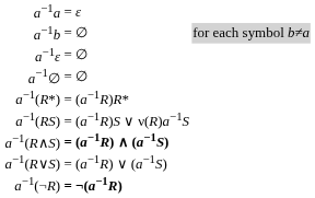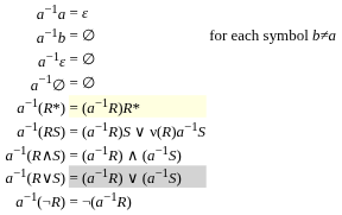 <table style="font-family: 'Nimbus Roman No9 L', 'Times New Roman', Times, serif; line-height: 1; white-space: nowrap; font-variant-numeric: lining-nums tabular-nums; font-kerning:none">
 <tr>
 <td style="text-align:right;"><em>a</em><sup>−1</sup><em>a</em></td>
 <td>= <em>ε</em></td>
 </tr>
 <tr>
 <td style="text-align:right;"><em>a</em><sup>−1</sup><em>b</em></td>
 <td>= ∅</td>
-<td style="background: lightgrey;">for each symbol <em>b</em>≠<em>a</em></td>
+<td>for each symbol <em>b</em>≠<em>a</em></td>
 </tr>
 <tr>
 <td style="text-align:right;"><em>a</em><sup>−1</sup><em>ε</em></td>
 <td>= ∅</td>
 </tr>
 <tr>
 <td style="text-align:right;"><em>a</em><sup>−1</sup>∅</td>
 <td>= ∅</td>
 </tr>
 <tr>
 <td style="text-align:right;"><em>a</em><sup>−1</sup>(<em>R</em>*)</td>
-<td>= (<em>a</em><sup>−1</sup><em>R</em>)<em>R</em>*</td>
+<td style="background: lightyellow;">= (<em>a</em><sup>−1</sup><em>R</em>)<em>R</em>*</td>
 </tr>
 <tr>
 <td style="text-align:right;"><em>a</em><sup>−1</sup>(<em>RS</em>)</td>
 <td>= (<em>a</em><sup>−1</sup><em>R</em>)<em>S</em> ∨ ν(<em>R</em>)<em>a</em><sup>−1</sup><em>S</em></td>
 </tr>
 <tr>
 <td style="text-align:right;"><em>a</em><sup>−1</sup>(<em>R</em>∧<em>S</em>)</td>
-<td><strong>= (<em>a</em><sup>−1</sup><em>R</em>) ∧ (<em>a</em><sup>−1</sup><em>S</em>)</strong></td>
+<td>= (<em>a</em><sup>−1</sup><em>R</em>) ∧ (<em>a</em><sup>−1</sup><em>S</em>)</td>
 </tr>
 <tr>
 <td style="text-align:right;"><em>a</em><sup>−1</sup>(<em>R</em>∨<em>S</em>)</td>
-<td>= (<em>a</em><sup>−1</sup><em>R</em>) ∨ (<em>a</em><sup>−1</sup><em>S</em>)</td>
+<td style="background: lightgrey;">= (<em>a</em><sup>−1</sup><em>R</em>) ∨ (<em>a</em><sup>−1</sup><em>S</em>)</td>
 </tr>
 <tr>
 <td style="text-align:right;"><em>a</em><sup>−1</sup>(¬<em>R</em>)</td>
-<td><strong>= ¬(<em>a</em><sup>−1</sup><em>R</em>)</strong></td>
+<td>= ¬(<em>a</em><sup>−1</sup><em>R</em>)</td>
 </tr>
 </table>
